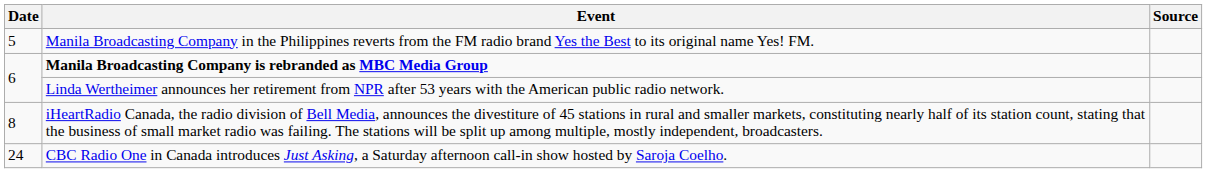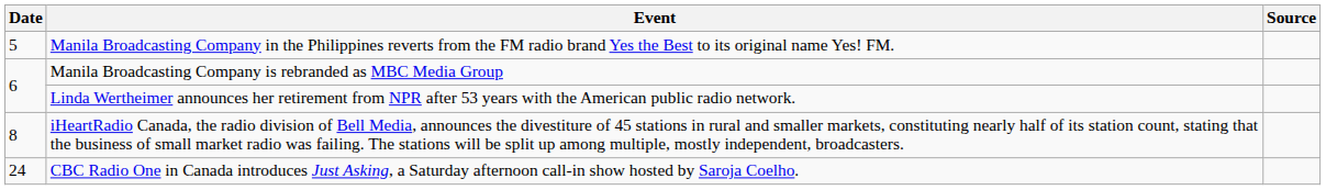 <table class=wikitable>
 <tr>
 <th>Date</th>
 <th>Event</th>
 <th>Source</th>
 </tr>
 <tr>
 <td>5</td>
 <td><a href='#'>Manila Broadcasting Company</a> in the Philippines reverts from the FM radio brand <a href='#'>Yes the Best</a> to its original name Yes! FM.</td>
 <td></td>
 </tr>
 <tr>
 <td rowspan="2">6</td>
-<td><strong>Manila Broadcasting Company is rebranded as <a href='#'>MBC Media Group</a></strong></td>
+<td>Manila Broadcasting Company is rebranded as <a href='#'>MBC Media Group</a></td>
 <td></td>
 </tr>
 <tr>
 <td><a href='#'>Linda Wertheimer</a> announces her retirement from <a href='#'>NPR</a> after 53 years with the American public radio network.</td>
 <td></td>
 </tr>
 <tr>
 <td>8</td>
 <td><a href='#'>iHeartRadio</a> Canada, the radio division of <a href='#'>Bell Media</a>, announces the divestiture of 45 stations in rural and smaller markets, constituting nearly half of its station count, stating that the business of small market radio was failing. The stations will be split up among multiple, mostly independent, broadcasters.</td>
 <td></td>
 </tr>
 <tr>
 <td>24</td>
 <td><a href='#'>CBC Radio One</a> in Canada introduces <em><a href='#'>Just Asking</a></em>, a Saturday afternoon call-in show hosted by <a href='#'>Saroja Coelho</a>.</td>
 <td></td>
 </tr>
 </table>
